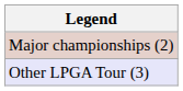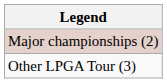 <table class="wikitable" style="font-size:95%;">
 <tr>
 <th>Legend</th>
 </tr>
 <tr style="background:#e5d1cb;">
 <td>Major championships (2)</td>
 </tr>
 <tr>
-<td style="background: lavender;">Other LPGA Tour (3)</td>
+<td>Other LPGA Tour (3)</td>
 </tr>
 </table>
